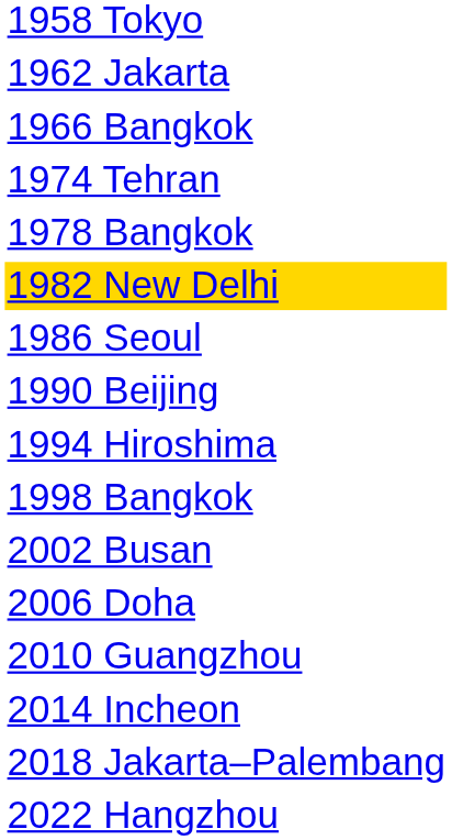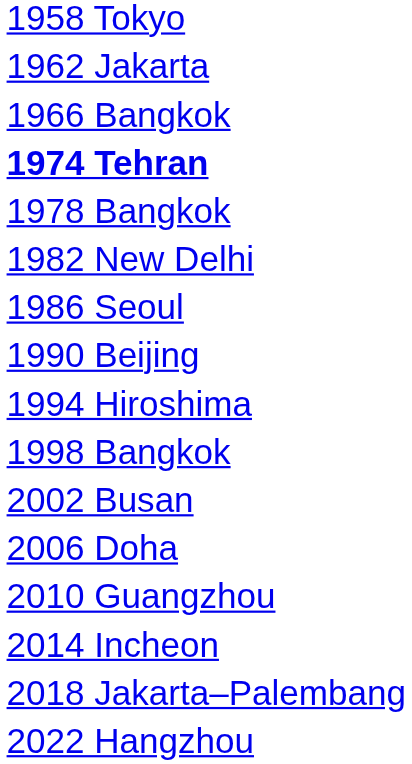 <table>
 <tr>
 <td rowspan=2><a href='#'>1958 Tokyo</a></td>
 <td rowspan=2></td>
 <td rowspan=2></td>
 <td></td>
 </tr>
 <tr>
 <td></td>
 </tr>
 <tr>
 <td rowspan=2><a href='#'>1962 Jakarta</a></td>
 <td rowspan=2></td>
 <td rowspan=2></td>
 <td></td>
 </tr>
 <tr>
 <td></td>
 </tr>
 <tr>
 <td rowspan=2><a href='#'>1966 Bangkok</a></td>
 <td rowspan=2></td>
 <td rowspan=2></td>
 <td></td>
 </tr>
 <tr>
 <td></td>
 </tr>
 <tr>
-<td><a href='#'>1974 Tehran</a></td>
+<td><strong><a href='#'>1974 Tehran</a></strong></td>
 <td></td>
 <td></td>
 <td></td>
 </tr>
 <tr>
 <td rowspan=2><a href='#'>1978 Bangkok</a></td>
 <td rowspan=2></td>
 <td rowspan=2></td>
 <td></td>
 </tr>
 <tr>
 <td></td>
 </tr>
 <tr>
-<td style="background: gold;"><a href='#'>1982 New Delhi</a></td>
+<td><a href='#'>1982 New Delhi</a></td>
 <td></td>
 <td></td>
 <td></td>
 </tr>
 <tr>
 <td><a href='#'>1986 Seoul</a></td>
 <td></td>
 <td></td>
 <td></td>
 </tr>
 <tr>
 <td rowspan=2><a href='#'>1990 Beijing</a></td>
 <td rowspan=2></td>
 <td rowspan=2></td>
 <td></td>
 </tr>
 <tr>
 <td></td>
 </tr>
 <tr>
 <td rowspan=2><a href='#'>1994 Hiroshima</a></td>
 <td rowspan=2></td>
 <td rowspan=2></td>
 <td></td>
 </tr>
 <tr>
 <td></td>
 </tr>
 <tr>
 <td rowspan=2><a href='#'>1998 Bangkok</a></td>
 <td rowspan=2></td>
 <td rowspan=2></td>
 <td></td>
 </tr>
 <tr>
 <td></td>
 </tr>
 <tr>
 <td rowspan=2><a href='#'>2002 Busan</a></td>
 <td rowspan=2></td>
 <td rowspan=2></td>
 <td></td>
 </tr>
 <tr>
 <td></td>
 </tr>
 <tr>
 <td rowspan=2><a href='#'>2006 Doha</a></td>
 <td rowspan=2></td>
 <td rowspan=2></td>
 <td></td>
 </tr>
 <tr>
 <td></td>
 </tr>
 <tr>
 <td rowspan=2><a href='#'>2010 Guangzhou</a></td>
 <td rowspan=2></td>
 <td rowspan=2></td>
 <td></td>
 </tr>
 <tr>
 <td></td>
 </tr>
 <tr>
 <td rowspan=2><a href='#'>2014 Incheon</a></td>
 <td rowspan=2></td>
 <td rowspan=2></td>
 <td></td>
 </tr>
 <tr>
 <td></td>
 </tr>
 <tr>
 <td rowspan=2><a href='#'>2018 Jakarta–Palembang</a></td>
 <td rowspan=2></td>
 <td rowspan=2></td>
 <td></td>
 </tr>
 <tr>
 <td></td>
 </tr>
 <tr>
 <td rowspan=2><a href='#'>2022 Hangzhou</a></td>
 <td rowspan=2></td>
 <td rowspan=2></td>
 <td></td>
 </tr>
 <tr>
 <td></td>
 </tr>
 </table>
